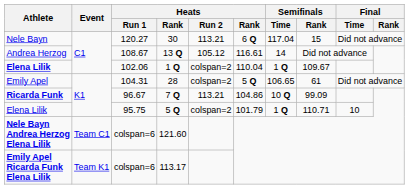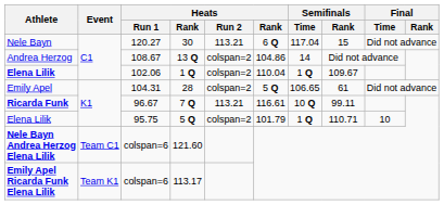 <table class=wikitable style="font-size:90%">
 <tr>
 <th rowspan="2">Athlete</th>
 <th rowspan="2">Event</th>
 <th colspan=4>Heats</th>
 <th colspan=2>Semifinals</th>
 <th colspan=2>Final</th>
 </tr>
 <tr style="font-size:95%">
 <th>Run 1</th>
 <th>Rank</th>
 <th>Run 2</th>
 <th>Rank</th>
 <th>Time</th>
 <th>Rank</th>
 <th>Time</th>
 <th>Rank</th>
 </tr>
 <tr align=center>
 <td align=left><a href='#'>Nele Bayn</a></td>
 <td align=left rowspan=3><a href='#'>C1</a></td>
 <td>120.27</td>
 <td>30</td>
 <td>113.21</td>
 <td>6 <strong>Q</strong></td>
 <td>117.04</td>
 <td>15</td>
 <td colspan=2>Did not advance</td>
 </tr>
 <tr align=center>
 <td align=left><a href='#'>Andrea Herzog</a></td>
 <td>108.67</td>
 <td>13 <strong>Q</strong></td>
-<td>105.12</td>
-<td>116.61</td>
+<td>colspan=2</td>
+<td>104.86</td>
 <td>14</td>
 <td colspan=2>Did not advance</td>
 </tr>
 <tr align=center>
 <td align=left><strong><a href='#'>Elena Lilik</a></strong></td>
 <td>102.06</td>
 <td>1 <strong>Q</strong></td>
 <td>colspan=2</td>
 <td>110.04</td>
 <td>1 <strong>Q</strong></td>
 <td>109.67</td>
 <td></td>
 </tr>
 <tr align=center>
 <td align=left><a href='#'>Emily Apel</a></td>
 <td align=left rowspan=3><a href='#'>K1</a></td>
 <td>104.31</td>
 <td>28</td>
 <td>colspan=2</td>
 <td>5 <strong>Q</strong></td>
 <td>106.65</td>
 <td>61</td>
 <td colspan=2>Did not advance</td>
 </tr>
 <tr align=center>
 <td align=left><strong><a href='#'>Ricarda Funk</a></strong></td>
 <td>96.67</td>
 <td>7 <strong>Q</strong></td>
 <td>113.21</td>
-<td>104.86</td>
+<td>116.61</td>
 <td>10 <strong>Q</strong></td>
-<td>99.09</td>
+<td>99.11</td>
 <td></td>
 </tr>
 <tr align=center>
 <td align=left><a href='#'>Elena Lilik</a></td>
 <td>95.75</td>
 <td>5 <strong>Q</strong></td>
 <td>colspan=2</td>
 <td>101.79</td>
 <td>1 <strong>Q</strong></td>
 <td>110.71</td>
 <td>10</td>
 </tr>
 <tr align=center>
 <td align=left><strong><a href='#'>Nele Bayn</a><br><a href='#'>Andrea Herzog</a><br><a href='#'>Elena Lilik</a></strong></td>
 <td align=left><a href='#'>Team C1</a></td>
 <td>colspan=6</td>
 <td>121.60</td>
 <td></td>
 </tr>
 <tr align=center>
 <td align=left><strong><a href='#'>Emily Apel</a><br><a href='#'>Ricarda Funk</a><br><a href='#'>Elena Lilik</a></strong></td>
 <td align=left><a href='#'>Team K1</a></td>
 <td>colspan=6</td>
 <td>113.17</td>
 <td></td>
 </tr>
 </table>
